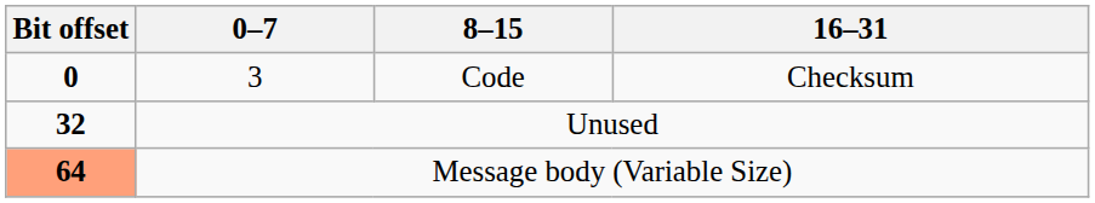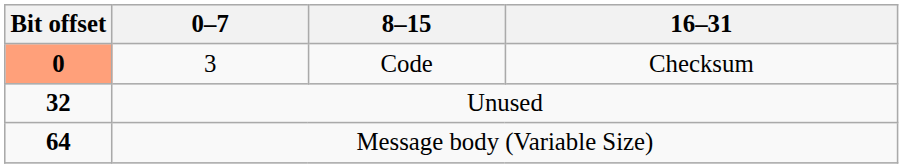 <table class="wikitable" style="text-align:center">
 <tr>
 <th>Bit offset</th>
 <th colspan="8" width="22%">0–7</th>
 <th colspan="8" width="22%">8–15</th>
 <th colspan="16" width="44%">16–31</th>
 </tr>
 <tr>
-<td><strong>0</strong></td>
+<td style="background: lightsalmon;"><strong>0</strong></td>
 <td colspan="8">3</td>
 <td colspan="8">Code</td>
 <td colspan="16">Checksum</td>
 </tr>
 <tr>
 <td><strong>32</strong></td>
 <td colspan="32">Unused</td>
 </tr>
 <tr>
-<td style="background: lightsalmon;"><strong>64</strong></td>
+<td><strong>64</strong></td>
 <td colspan="32">Message body (Variable Size)</td>
 </tr>
 </table>
